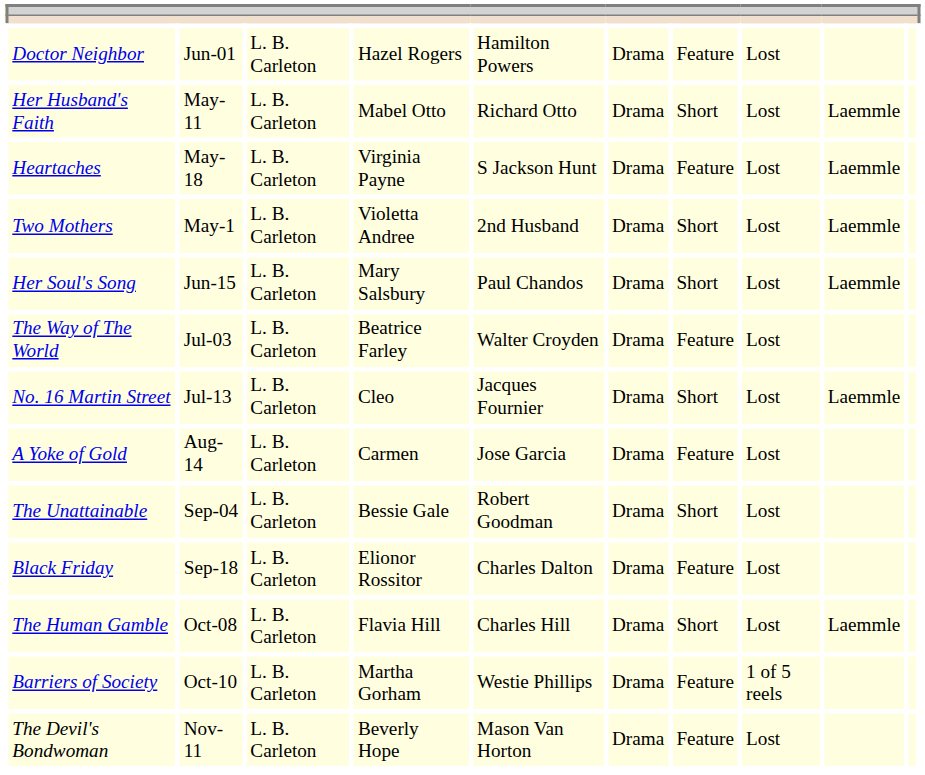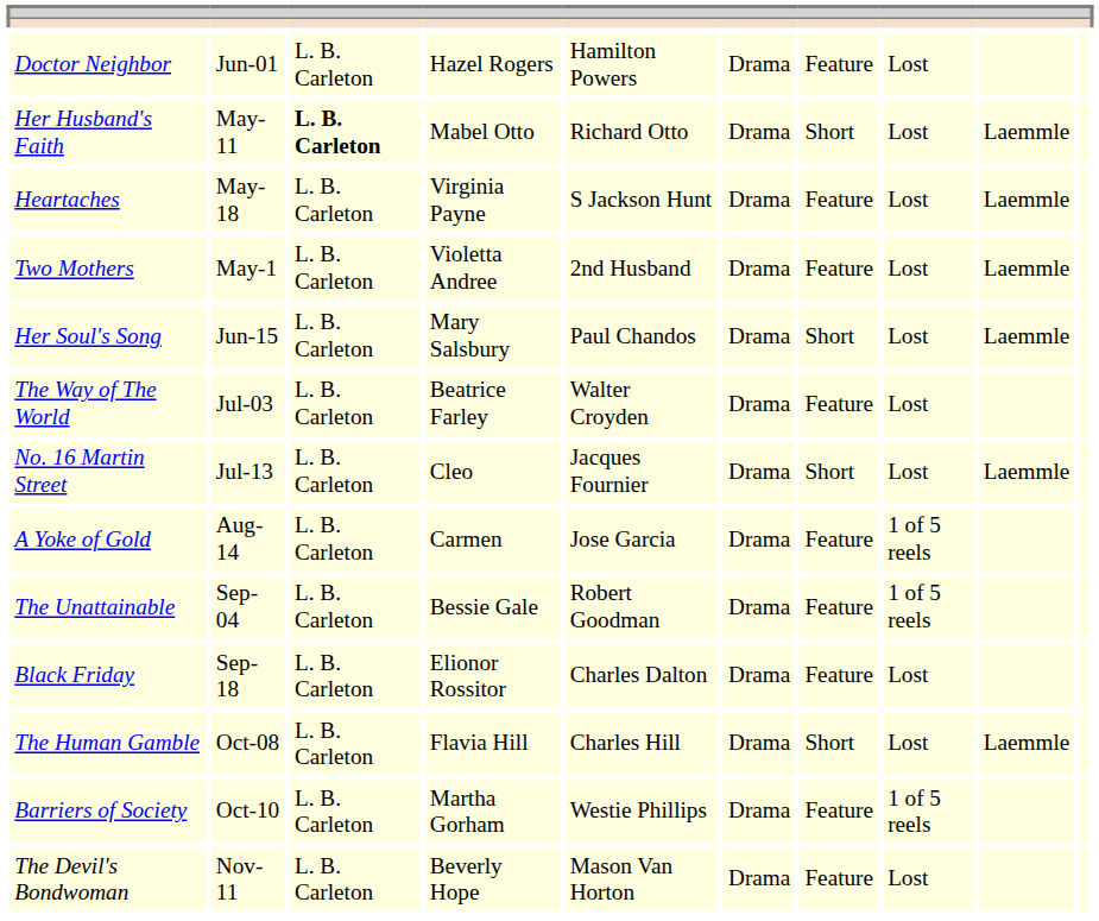 <table class="wikitable mw-collapsible mw-collapsed" style="background:lightyellow; border:2px solid gray;font-size:80%; ">
 <tr>
 <th colspan="18" style="border:1px solid #808080;background: lightgrey;"></th>
 </tr>
 <tr>
 <th style="border: 0px solid #FFFAF5; background:#F2E0CE"></th>
 <th style="border:0px solid #FFFAF5; background:#F2E0CE"></th>
 <th style="border:0px solid #FFFAF5; background:#F2E0CE"></th>
 <th style="border:0px solid #FFFAF5; background:#F2E0CE"></th>
 <th style="border:0px solid #FFFAF5; background:#F2E0CE"></th>
 <th style="border:0px solid #FFFAF5; background:#F2E0CE"></th>
 <th style="border:0px solid #FFFAF5; background:#F2E0CE"></th>
 <th style="border:0px solid #FFFAF5; background:#F2E0CE"></th>
 <th style="border:0px solid #FFFAF5; background:#F2E0CE"></th>
 <th style="border:0px solid #FFFAF5; background:#F2E0CE"></th>
 </tr>
 <tr>
 <td style="border:3px solid #FFFFFF"><em><a href='#'>Doctor Neighbor</a></em></td>
 <td style="border:3px solid #FFFFFF">Jun-01</td>
 <td style="border:3px solid #FFFFFF">L. B. Carleton</td>
 <td style="border:3px solid #FFFFFF">Hazel Rogers</td>
 <td style="border:3px solid #FFFFFF">Hamilton Powers</td>
 <td style="border:3px solid #FFFFFF">Drama</td>
 <td style="border:3px solid #FFFFFF">Feature</td>
 <td style="border:3px solid #FFFFFF">Lost</td>
 <td style="border:3px solid #FFFFFF"></td>
 <td style="border:3px solid #FFFFFF"></td>
 </tr>
 <tr>
 <td style="border:3px solid #FFFFFF"><em><a href='#'>Her Husband's Faith</a></em></td>
 <td style="border:3px solid #FFFFFF">May-11</td>
-<td style="border:3px solid #FFFFFF">L. B. Carleton</td>
+<td style="border:3px solid #FFFFFF"><strong>L. B. Carleton</strong></td>
 <td style="border:3px solid #FFFFFF">Mabel Otto</td>
 <td style="border:3px solid #FFFFFF">Richard Otto</td>
 <td style="border:3px solid #FFFFFF">Drama</td>
 <td style="border:3px solid #FFFFFF">Short</td>
 <td style="border:3px solid #FFFFFF">Lost</td>
 <td style="border:3px solid #FFFFFF">Laemmle</td>
 <td style="border:3px solid #FFFFFF"></td>
 </tr>
 <tr>
 <td style="border:3px solid #FFFFFF"><em><a href='#'>Heartaches</a> </em></td>
 <td style="border:3px solid #FFFFFF">May-18</td>
 <td style="border:3px solid #FFFFFF">L. B. Carleton</td>
 <td style="border:3px solid #FFFFFF">Virginia Payne</td>
 <td style="border:3px solid #FFFFFF">S Jackson Hunt</td>
 <td style="border:3px solid #FFFFFF">Drama</td>
 <td style="border:3px solid #FFFFFF">Feature</td>
 <td style="border:3px solid #FFFFFF">Lost</td>
 <td style="border:3px solid #FFFFFF">Laemmle</td>
 <td style="border:3px solid #FFFFFF"></td>
 </tr>
 <tr>
 <td style="border:3px solid #FFFFFF"><em><a href='#'>Two Mothers</a></em></td>
 <td style="border:3px solid #FFFFFF">May-1</td>
 <td style="border:3px solid #FFFFFF">L. B. Carleton</td>
 <td style="border:3px solid #FFFFFF">Violetta Andree</td>
 <td style="border:3px solid #FFFFFF">2nd Husband</td>
 <td style="border:3px solid #FFFFFF">Drama</td>
-<td style="border:3px solid #FFFFFF">Short</td>
+<td style="border:3px solid #FFFFFF">Feature</td>
 <td style="border:3px solid #FFFFFF">Lost</td>
 <td style="border:3px solid #FFFFFF">Laemmle</td>
 <td style="border:3px solid #FFFFFF"></td>
 </tr>
 <tr>
 <td style="border:3px solid #FFFFFF"><em><a href='#'>Her Soul's Song</a></em></td>
 <td style="border:3px solid #FFFFFF">Jun-15</td>
 <td style="border:3px solid #FFFFFF">L. B. Carleton</td>
 <td style="border:3px solid #FFFFFF">Mary Salsbury</td>
 <td style="border:3px solid #FFFFFF">Paul Chandos</td>
 <td style="border:3px solid #FFFFFF">Drama</td>
 <td style="border:3px solid #FFFFFF">Short</td>
 <td style="border:3px solid #FFFFFF">Lost</td>
 <td style="border:3px solid #FFFFFF">Laemmle</td>
 <td style="border:3px solid #FFFFFF"></td>
 </tr>
 <tr>
 <td style="border:3px solid #FFFFFF"><em><a href='#'>The Way of The World</a></em></td>
 <td style="border:3px solid #FFFFFF">Jul-03</td>
 <td style="border:3px solid #FFFFFF">L. B. Carleton</td>
 <td style="border:3px solid #FFFFFF">Beatrice Farley</td>
 <td style="border:3px solid #FFFFFF">Walter Croyden</td>
 <td style="border:3px solid #FFFFFF">Drama</td>
 <td style="border:3px solid #FFFFFF">Feature</td>
 <td style="border:3px solid #FFFFFF">Lost</td>
 <td style="border:3px solid #FFFFFF"></td>
 <td style="border:3px solid #FFFFFF"></td>
 </tr>
 <tr>
 <td style="border:3px solid #FFFFFF"><em><a href='#'>No. 16 Martin Street</a></em></td>
 <td style="border:3px solid #FFFFFF">Jul-13</td>
 <td style="border:3px solid #FFFFFF">L. B. Carleton</td>
 <td style="border:3px solid #FFFFFF">Cleo</td>
 <td style="border:3px solid #FFFFFF">Jacques Fournier</td>
 <td style="border:3px solid #FFFFFF">Drama</td>
 <td style="border:3px solid #FFFFFF">Short</td>
 <td style="border:3px solid #FFFFFF">Lost</td>
 <td style="border:3px solid #FFFFFF">Laemmle</td>
 <td style="border:3px solid #FFFFFF"></td>
 </tr>
 <tr>
 <td style="border:3px solid #FFFFFF"><em><a href='#'>A Yoke of Gold</a></em></td>
 <td style="border:3px solid #FFFFFF">Aug-14</td>
 <td style="border:3px solid #FFFFFF">L. B. Carleton</td>
 <td style="border:3px solid #FFFFFF">Carmen</td>
 <td style="border:3px solid #FFFFFF">Jose Garcia</td>
 <td style="border:3px solid #FFFFFF">Drama</td>
 <td style="border:3px solid #FFFFFF">Feature</td>
-<td style="border:3px solid #FFFFFF">Lost</td>
+<td style="border:3px solid #FFFFFF">1 of 5 reels</td>
 <td style="border:3px solid #FFFFFF"></td>
 <td style="border:3px solid #FFFFFF"></td>
 </tr>
 <tr>
 <td style="border:3px solid #FFFFFF"><em><a href='#'>The Unattainable</a></em></td>
 <td style="border:3px solid #FFFFFF">Sep-04</td>
 <td style="border:3px solid #FFFFFF">L. B. Carleton</td>
 <td style="border:3px solid #FFFFFF">Bessie Gale</td>
 <td style="border:3px solid #FFFFFF">Robert Goodman</td>
 <td style="border:3px solid #FFFFFF">Drama</td>
-<td style="border:3px solid #FFFFFF">Short</td>
-<td style="border:3px solid #FFFFFF">Lost</td>
+<td style="border:3px solid #FFFFFF">Feature</td>
+<td style="border:3px solid #FFFFFF">1 of 5 reels</td>
 <td style="border:3px solid #FFFFFF"></td>
 <td style="border:3px solid #FFFFFF"></td>
 </tr>
 <tr>
 <td style="border:3px solid #FFFFFF"><em><a href='#'>Black Friday</a></em></td>
 <td style="border:3px solid #FFFFFF">Sep-18</td>
 <td style="border:3px solid #FFFFFF">L. B. Carleton</td>
 <td style="border:3px solid #FFFFFF">Elionor Rossitor</td>
 <td style="border:3px solid #FFFFFF">Charles Dalton</td>
 <td style="border:3px solid #FFFFFF">Drama</td>
 <td style="border:3px solid #FFFFFF">Feature</td>
 <td style="border:3px solid #FFFFFF">Lost</td>
 <td style="border:3px solid #FFFFFF"></td>
 <td style="border:3px solid #FFFFFF"></td>
 </tr>
 <tr>
 <td style="border:3px solid #FFFFFF"><em><a href='#'>The Human Gamble</a></em></td>
 <td style="border:3px solid #FFFFFF">Oct-08</td>
 <td style="border:3px solid #FFFFFF">L. B. Carleton</td>
 <td style="border:3px solid #FFFFFF">Flavia Hill</td>
 <td style="border:3px solid #FFFFFF">Charles Hill</td>
 <td style="border:3px solid #FFFFFF">Drama</td>
 <td style="border:3px solid #FFFFFF">Short</td>
 <td style="border:3px solid #FFFFFF">Lost</td>
 <td style="border:3px solid #FFFFFF">Laemmle</td>
 <td style="border:3px solid #FFFFFF"></td>
 </tr>
 <tr>
 <td style="border:3px solid #FFFFFF"><em><a href='#'>Barriers of Society</a></em></td>
 <td style="border:3px solid #FFFFFF">Oct-10</td>
 <td style="border:3px solid #FFFFFF">L. B. Carleton</td>
 <td style="border:3px solid #FFFFFF">Martha Gorham</td>
 <td style="border:3px solid #FFFFFF">Westie Phillips</td>
 <td style="border:3px solid #FFFFFF">Drama</td>
 <td style="border:3px solid #FFFFFF">Feature</td>
 <td style="border:3px solid #FFFFFF">1 of 5 reels</td>
 <td style="border:3px solid #FFFFFF"></td>
 <td style="border:3px solid #FFFFFF"></td>
 </tr>
 <tr>
 <td style="border:3px solid #FFFFFF"><em>The Devil's Bondwoman</em></td>
 <td style="border:3px solid #FFFFFF">Nov-11</td>
 <td style="border:3px solid #FFFFFF">L. B. Carleton</td>
 <td style="border:3px solid #FFFFFF">Beverly Hope</td>
 <td style="border:3px solid #FFFFFF">Mason Van Horton</td>
 <td style="border:3px solid #FFFFFF">Drama</td>
 <td style="border:3px solid #FFFFFF">Feature</td>
 <td style="border:3px solid #FFFFFF">Lost</td>
 <td style="border:3px solid #FFFFFF"></td>
 <td style="border:3px solid #FFFFFF"></td>
 </tr>
 </table>
